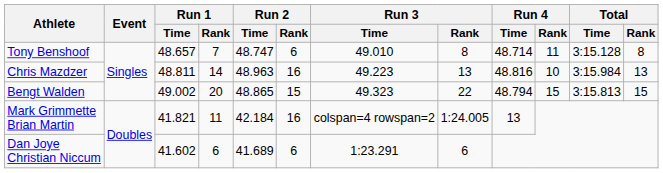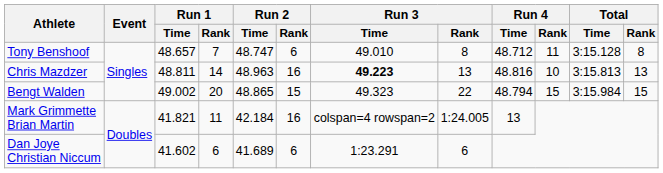 <table class=wikitable style=font-size:90%;text-align:center>
 <tr>
 <th rowspan=2>Athlete</th>
 <th rowspan=2>Event</th>
 <th colspan=2>Run 1</th>
 <th colspan=2>Run 2</th>
 <th colspan=2>Run 3</th>
 <th colspan=2>Run 4</th>
 <th colspan=2>Total</th>
 </tr>
 <tr style=font-size:95%>
 <th>Time</th>
 <th>Rank</th>
 <th>Time</th>
 <th>Rank</th>
 <th>Time</th>
 <th>Rank</th>
 <th>Time</th>
 <th>Rank</th>
 <th>Time</th>
 <th>Rank</th>
 </tr>
 <tr>
 <td align=left><a href='#'>Tony Benshoof</a></td>
 <td align=left rowspan=3><a href='#'>Singles</a></td>
 <td>48.657</td>
 <td>7</td>
 <td>48.747</td>
 <td>6</td>
 <td>49.010</td>
 <td>8</td>
-<td>48.714</td>
+<td>48.712</td>
 <td>11</td>
 <td>3:15.128</td>
 <td>8</td>
 </tr>
 <tr>
 <td align=left><a href='#'>Chris Mazdzer</a></td>
 <td>48.811</td>
 <td>14</td>
 <td>48.963</td>
 <td>16</td>
-<td>49.223</td>
+<td><strong>49.223</strong></td>
 <td>13</td>
 <td>48.816</td>
 <td>10</td>
-<td>3:15.984</td>
+<td>3:15.813</td>
 <td>13</td>
 </tr>
 <tr>
 <td align=left><a href='#'>Bengt Walden</a></td>
 <td>49.002</td>
 <td>20</td>
 <td>48.865</td>
 <td>15</td>
 <td>49.323</td>
 <td>22</td>
 <td>48.794</td>
 <td>15</td>
-<td>3:15.813</td>
+<td>3:15.984</td>
 <td>15</td>
 </tr>
 <tr>
 <td align=left><a href='#'>Mark Grimmette</a><br><a href='#'>Brian Martin</a></td>
 <td align=left rowspan=2><a href='#'>Doubles</a></td>
 <td>41.821</td>
 <td>11</td>
 <td>42.184</td>
 <td>16</td>
 <td>colspan=4 rowspan=2 </td>
 <td>1:24.005</td>
 <td>13</td>
 </tr>
 <tr>
 <td align=left><a href='#'>Dan Joye</a><br><a href='#'>Christian Niccum</a></td>
 <td>41.602</td>
 <td>6</td>
 <td>41.689</td>
 <td>6</td>
 <td>1:23.291</td>
 <td>6</td>
 </tr>
 </table>
